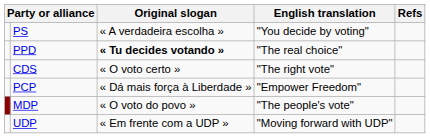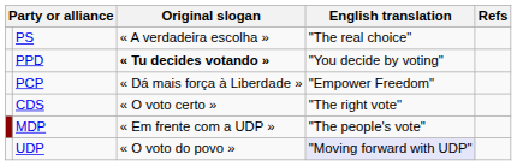 <table class="wikitable" style="font-size:97%; text-align:left;">
 <tr>
 <th style="text-align:left;" colspan="2">Party or alliance</th>
 <th>Original slogan</th>
 <th>English translation</th>
 <th>Refs</th>
 </tr>
 <tr>
 <td width="1" style="color:inherit;background:"></td>
 <td><a href='#'>PS</a></td>
 <td>« A verdadeira escolha »</td>
-<td>"You decide by voting"</td>
+<td>"The real choice"</td>
 <td></td>
 </tr>
 <tr>
 <td style="color:inherit;background:"></td>
 <td><a href='#'>PPD</a></td>
 <td><strong>« Tu decides votando »</strong></td>
-<td>"The real choice"</td>
+<td>"You decide by voting"</td>
+<td></td>
+</tr>
+<tr>
+<td style="color:inherit;background:"></td>
+<td><a href='#'>PCP</a></td>
+<td>« Dá mais força à Liberdade »</td>
+<td>"Empower Freedom"</td>
 <td></td>
 </tr>
 <tr>
 <td style="color:inherit;background:"></td>
 <td><a href='#'>CDS</a></td>
 <td>« O voto certo »</td>
 <td>"The right vote"</td>
 <td></td>
 </tr>
 <tr>
-<td style="color:inherit;background:"></td>
-<td><a href='#'>PCP</a></td>
-<td>« Dá mais força à Liberdade »</td>
-<td>"Empower Freedom"</td>
-<td></td>
-</tr>
-<tr>
 <td bgcolor="darkRed"></td>
 <td><a href='#'>MDP</a></td>
-<td>« O voto do povo »</td>
+<td>« Em frente com a UDP »</td>
 <td>"The people's vote"</td>
 <td></td>
 </tr>
 <tr>
 <td style="color:inherit;background:"></td>
 <td><a href='#'>UDP</a></td>
-<td>« Em frente com a UDP »</td>
-<td>"Moving forward with UDP"</td>
+<td>« O voto do povo »</td>
+<td style="background: lavender;">"Moving forward with UDP"</td>
 <td></td>
 </tr>
 </table>
